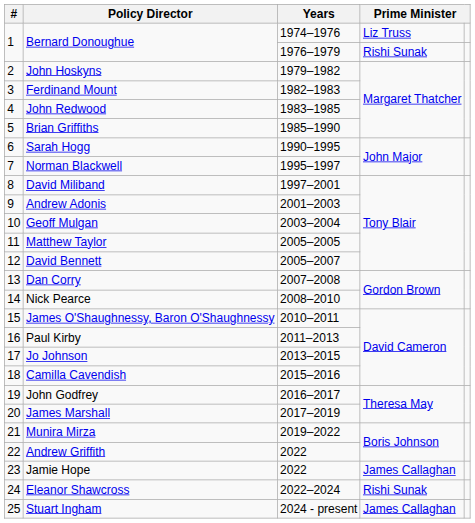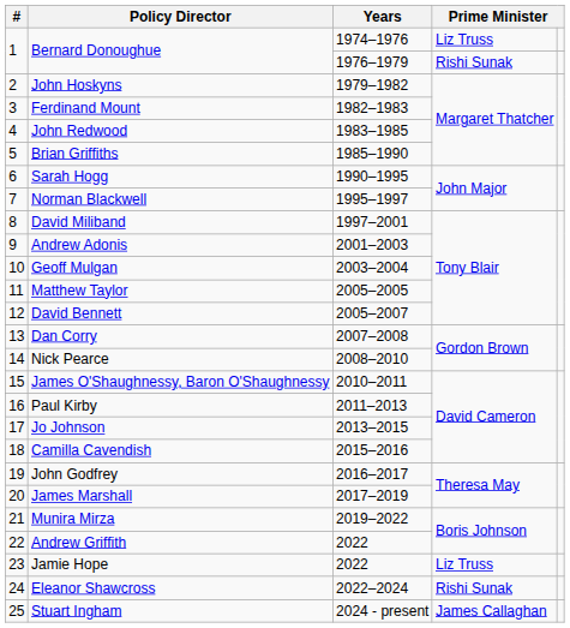 <table class="wikitable">
 <tr>
 <th>#</th>
 <th>Policy Director</th>
 <th>Years</th>
 <th colspan="2">Prime Minister</th>
 </tr>
 <tr>
 <td rowspan="2">1</td>
 <td rowspan="2"><a href='#'>Bernard Donoughue</a></td>
 <td>1974–1976</td>
 <td rowspan="1"><a href='#'>Liz Truss</a></td>
 <td style="background-color: "></td>
 </tr>
 <tr>
 <td>1976–1979</td>
 <td rowspan="1"><a href='#'>Rishi Sunak</a></td>
 <td style="background-color: "></td>
 </tr>
 <tr>
 <td>2</td>
 <td><a href='#'>John Hoskyns</a></td>
 <td>1979–1982</td>
 <td rowspan="4"><a href='#'>Margaret Thatcher</a></td>
 <td rowspan="4" style="background-color: "></td>
 </tr>
 <tr>
 <td>3</td>
 <td><a href='#'>Ferdinand Mount</a></td>
 <td>1982–1983</td>
 </tr>
 <tr>
 <td>4</td>
 <td><a href='#'>John Redwood</a></td>
 <td>1983–1985</td>
 </tr>
 <tr>
 <td>5</td>
 <td><a href='#'>Brian Griffiths</a></td>
 <td>1985–1990</td>
 </tr>
 <tr>
 <td>6</td>
 <td><a href='#'>Sarah Hogg</a></td>
 <td>1990–1995</td>
 <td rowspan="2"><a href='#'>John Major</a></td>
 <td rowspan="2" style="background-color: "></td>
 </tr>
 <tr>
 <td>7</td>
 <td><a href='#'>Norman Blackwell</a></td>
 <td>1995–1997</td>
 </tr>
 <tr>
 <td>8</td>
 <td><a href='#'>David Miliband</a></td>
 <td>1997–2001</td>
 <td rowspan="5"><a href='#'>Tony Blair</a></td>
 <td rowspan="5" style="background-color: "></td>
 </tr>
 <tr>
 <td>9</td>
 <td><a href='#'>Andrew Adonis</a></td>
 <td>2001–2003</td>
 </tr>
 <tr>
 <td>10</td>
 <td><a href='#'>Geoff Mulgan</a></td>
 <td>2003–2004</td>
 </tr>
 <tr>
 <td>11</td>
 <td><a href='#'>Matthew Taylor</a></td>
 <td>2005–2005</td>
 </tr>
 <tr>
 <td>12</td>
 <td><a href='#'>David Bennett</a></td>
 <td>2005–2007</td>
 </tr>
 <tr>
 <td>13</td>
 <td><a href='#'>Dan Corry</a></td>
 <td>2007–2008</td>
 <td rowspan="2"><a href='#'>Gordon Brown</a></td>
 <td rowspan="2" style="background-color: "></td>
 </tr>
 <tr>
 <td>14</td>
 <td>Nick Pearce</td>
 <td>2008–2010</td>
 </tr>
 <tr>
 <td>15</td>
 <td><a href='#'>James O'Shaughnessy, Baron O'Shaughnessy</a></td>
 <td>2010–2011</td>
 <td rowspan="4"><a href='#'>David Cameron</a></td>
 <td rowspan="4" style="background-color: "></td>
 </tr>
 <tr>
 <td>16</td>
 <td>Paul Kirby</td>
 <td>2011–2013</td>
 </tr>
 <tr>
 <td>17</td>
 <td><a href='#'>Jo Johnson</a></td>
 <td>2013–2015</td>
 </tr>
 <tr>
 <td>18</td>
 <td><a href='#'>Camilla Cavendish</a></td>
 <td>2015–2016</td>
 </tr>
 <tr>
 <td>19</td>
 <td>John Godfrey</td>
 <td>2016–2017</td>
 <td rowspan="2"><a href='#'>Theresa May</a></td>
 <td rowspan="2" style="background-color: "></td>
 </tr>
 <tr>
 <td>20</td>
 <td><a href='#'>James Marshall</a></td>
 <td>2017–2019</td>
 </tr>
 <tr>
 <td>21</td>
 <td><a href='#'>Munira Mirza</a></td>
 <td>2019–2022</td>
 <td rowspan="2"><a href='#'>Boris Johnson</a></td>
 <td rowspan="2" style="background-color: "></td>
 </tr>
 <tr>
 <td>22</td>
 <td><a href='#'>Andrew Griffith</a></td>
 <td>2022</td>
 </tr>
 <tr>
 <td>23</td>
 <td>Jamie Hope</td>
 <td>2022</td>
-<td><a href='#'>James Callaghan</a></td>
+<td rowspan="1"><a href='#'>Liz Truss</a></td>
 <td rowspan="1" style="background-color: "></td>
 </tr>
 <tr>
 <td>24</td>
 <td><a href='#'>Eleanor Shawcross</a></td>
 <td>2022–2024</td>
 <td rowspan="1"><a href='#'>Rishi Sunak</a></td>
 <td rowspan="1" style="background-color: "></td>
 </tr>
 <tr>
 <td>25</td>
 <td><a href='#'>Stuart Ingham</a></td>
 <td>2024 - present</td>
 <td><a href='#'>James Callaghan</a></td>
 <td rowspan="1" style="background-color: "></td>
 </tr>
 </table>
